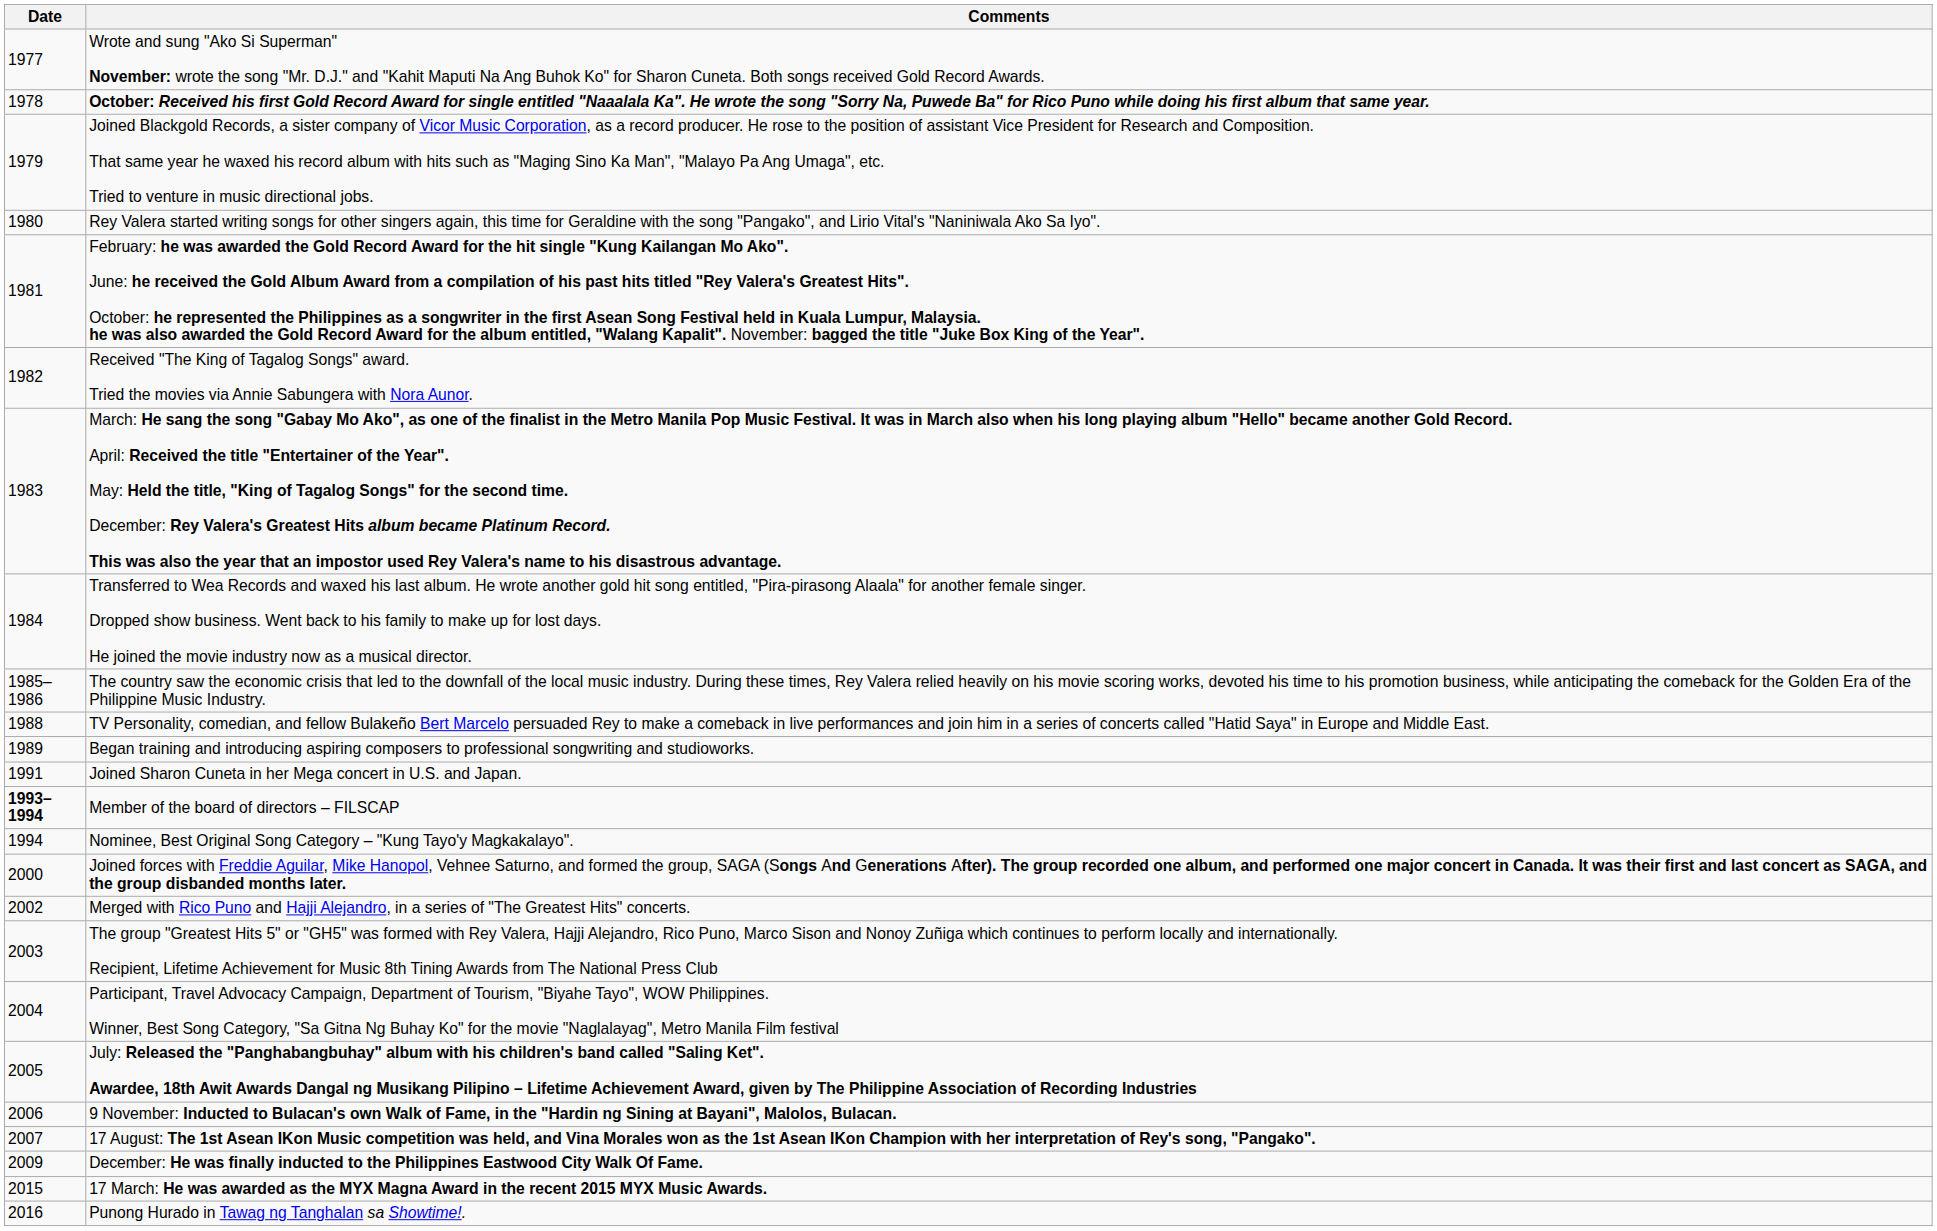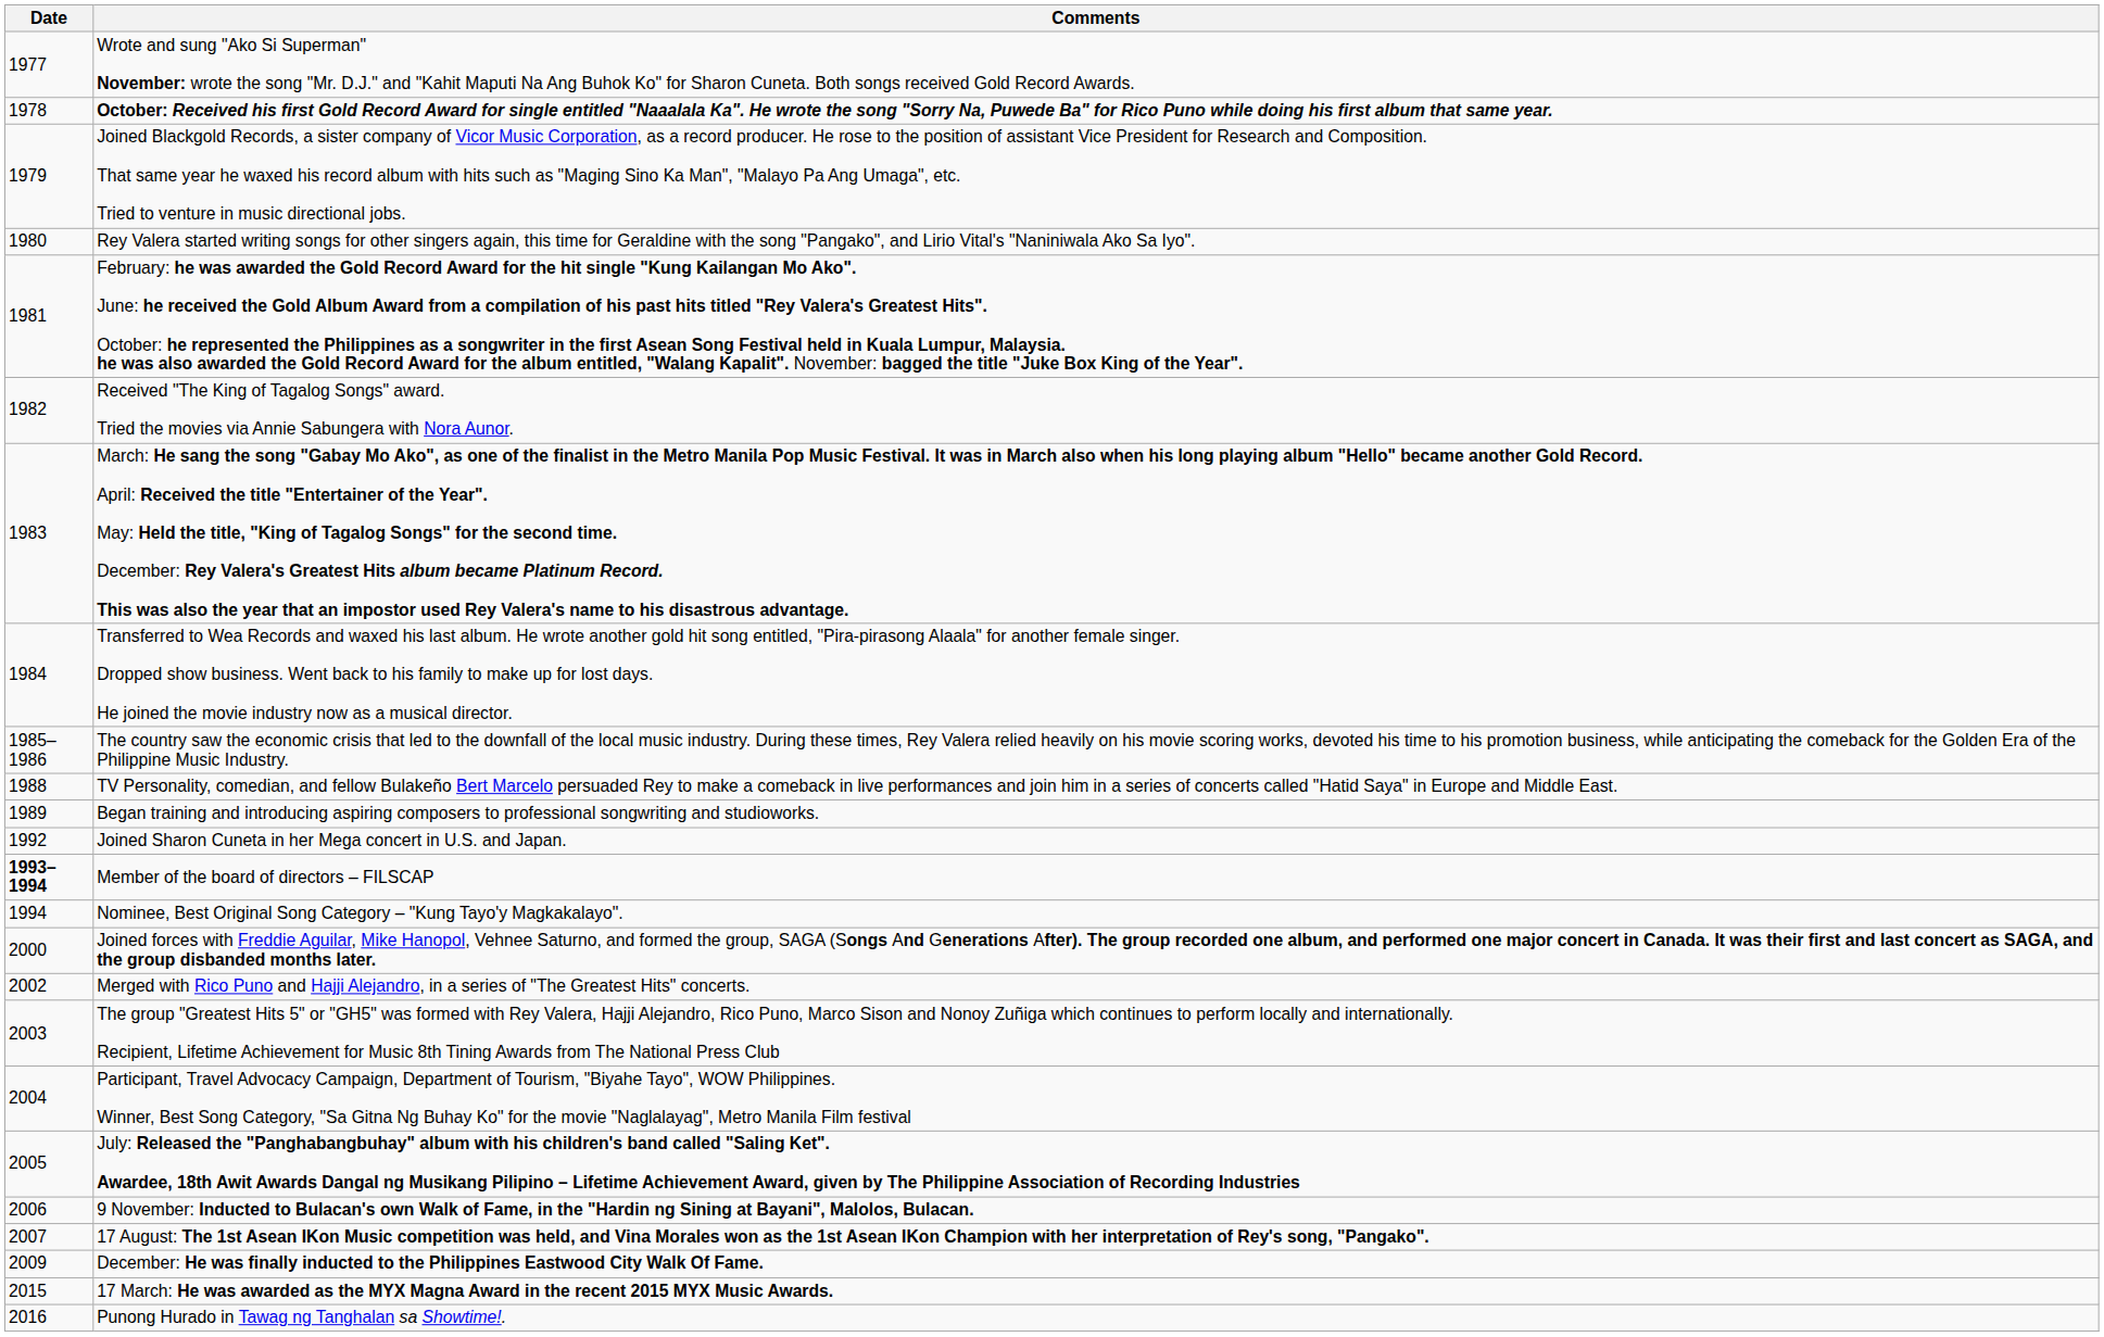 <table class="wikitable">
 <tr>
 <th>Date</th>
 <th>Comments</th>
 </tr>
 <tr>
 <td>1977</td>
 <td>Wrote and sung "Ako Si Superman"<br><br><strong>November:</strong> wrote the song "Mr. D.J." and "Kahit Maputi Na Ang Buhok Ko" for Sharon Cuneta. Both songs received Gold Record Awards.</td>
 </tr>
 <tr>
 <td>1978</td>
 <td><strong>October: <em>Received his first Gold Record Award for single entitled "Naaalala Ka". He wrote the song "Sorry Na, Puwede Ba" for Rico Puno while doing his first album that same year.</td>
 </tr>
 <tr>
 <td>1979</td>
 <td>Joined Blackgold Records, a sister company of <a href='#'>Vicor Music Corporation</a>, as a record producer. He rose to the position of assistant Vice President for Research and Composition.<br><br>That same year he waxed his record album with hits such as "Maging Sino Ka Man", "Malayo Pa Ang Umaga", etc.<br><br>Tried to venture in music directional jobs.</td>
 </tr>
 <tr>
 <td>1980</td>
 <td>Rey Valera started writing songs for other singers again, this time for Geraldine with the song "Pangako", and Lirio Vital's "Naniniwala Ako Sa Iyo".</td>
 </tr>
 <tr>
 <td>1981</td>
 <td></strong>February:<strong> he was awarded the Gold Record Award for the hit single "Kung Kailangan Mo Ako".<br><br> </strong>June:<strong> he received the Gold Album Award from a compilation of his past hits titled "Rey Valera's Greatest Hits".<br><br></strong>October:<strong> he represented the Philippines as a songwriter in the first Asean Song Festival held in Kuala Lumpur, Malaysia.<br>he was also awarded the Gold Record Award for the album entitled, "Walang Kapalit". </strong>November:<strong> bagged the title "Juke Box King of the Year".</td>
 </tr>
 <tr>
 <td>1982</td>
 <td>Received "The King of Tagalog Songs" award.<br><br>Tried the movies via Annie Sabungera with <a href='#'>Nora Aunor</a>.</td>
 </tr>
 <tr>
 <td>1983</td>
 <td></strong>March:<strong> He sang the song "Gabay Mo Ako", as one of the finalist in the Metro Manila Pop Music Festival. It was in March also when his long playing album "Hello" became another Gold Record.<br><br></strong>April:<strong> Received the title "Entertainer of the Year".<br><br></strong>May:<strong> Held the title, "King of Tagalog Songs" for the second time.<br><br></strong>December:<strong> Rey Valera's </em>Greatest Hits<em> album became Platinum Record.<br><br></em>This was also the year that an impostor used Rey Valera's name to his disastrous advantage.<em></td>
 </tr>
 <tr>
 <td>1984</td>
 <td>Transferred to Wea Records and waxed his last album. He wrote another gold hit song entitled, "Pira-pirasong Alaala" for another female singer.<br><br>Dropped show business. Went back to his family to make up for lost days.<br><br>He joined the movie industry now as a musical director.</td>
 </tr>
 <tr>
 <td>1985–1986</td>
 <td>The country saw the economic crisis that led to the downfall of the local music industry. During these times, Rey Valera relied heavily on his movie scoring works, devoted his time to his promotion business, while anticipating the comeback for the Golden Era of the Philippine Music Industry.</td>
 </tr>
 <tr>
 <td>1988</td>
 <td>TV Personality, comedian, and fellow Bulakeño <a href='#'>Bert Marcelo</a> persuaded Rey to make a comeback in live performances and join him in a series of concerts called "Hatid Saya" in Europe and Middle East.</td>
 </tr>
 <tr>
 <td>1989</td>
 <td>Began training and introducing aspiring composers to professional songwriting and studioworks.</td>
 </tr>
 <tr>
-<td>1991</td>
+<td>1992</td>
 <td>Joined Sharon Cuneta in her Mega concert in U.S. and Japan.</td>
 </tr>
 <tr>
 <td><strong>1993–1994</strong></td>
 <td>Member of the board of directors – FILSCAP</td>
 </tr>
 <tr>
 <td>1994</td>
 <td>Nominee, Best Original Song Category – "Kung Tayo'y Magkakalayo".</td>
 </tr>
 <tr>
 <td>2000</td>
 <td>Joined forces with <a href='#'>Freddie Aguilar</a>, <a href='#'>Mike Hanopol</a>, Vehnee Saturno, and formed the group, SAGA (</strong>S<strong>ongs </strong>A<strong>nd </strong>G<strong>enerations </strong>A<strong>fter). The group recorded one album, and performed one major concert in Canada. It was their first and last concert as SAGA, and the group disbanded months later.</td>
 </tr>
 <tr>
 <td>2002</td>
 <td>Merged with <a href='#'>Rico Puno</a> and <a href='#'>Hajji Alejandro</a>, in a series of "The Greatest Hits" concerts.</td>
 </tr>
 <tr>
 <td>2003</td>
 <td>The group "Greatest Hits 5" or "GH5" was formed with Rey Valera, Hajji Alejandro, Rico Puno, Marco Sison and Nonoy Zuñiga which continues to perform locally and internationally.<br><br>Recipient, Lifetime Achievement for Music 8th Tining Awards from The National Press Club</td>
 </tr>
 <tr>
 <td>2004</td>
 <td>Participant, Travel Advocacy Campaign, Department of Tourism, "Biyahe Tayo", WOW Philippines.<br><br>Winner, Best Song Category, "Sa Gitna Ng Buhay Ko" for the movie "Naglalayag", Metro Manila Film festival</td>
 </tr>
 <tr>
 <td>2005</td>
 <td></strong>July:<strong> Released the "Panghabangbuhay" album with his children's band called "Saling Ket".<br><br>Awardee, 18th Awit Awards Dangal ng Musikang Pilipino – Lifetime Achievement Award, given by The Philippine Association of Recording Industries</td>
 </tr>
 <tr>
 <td>2006</td>
 <td></strong>9 November:<strong> Inducted to Bulacan's own Walk of Fame, in the "Hardin ng Sining at Bayani", Malolos, Bulacan.</td>
 </tr>
 <tr>
 <td>2007</td>
 <td></strong>17 August:<strong> The 1st Asean IKon Music competition was held, and Vina Morales won as the 1st Asean IKon Champion with her interpretation of Rey's song, "Pangako".</td>
 </tr>
 <tr>
 <td>2009</td>
 <td></strong>December:<strong> He was finally inducted to the Philippines Eastwood City Walk Of Fame.</td>
 </tr>
 <tr>
 <td>2015</td>
 <td></strong>17 March:<strong> He was awarded as the MYX Magna Award in the recent 2015 MYX Music Awards.</td>
 </tr>
 <tr>
 <td>2016</td>
 <td>Punong Hurado in </em><a href='#'>Tawag ng Tanghalan</a><em> sa <a href='#'>Showtime!</a>.</td>
 </tr>
 </table>
